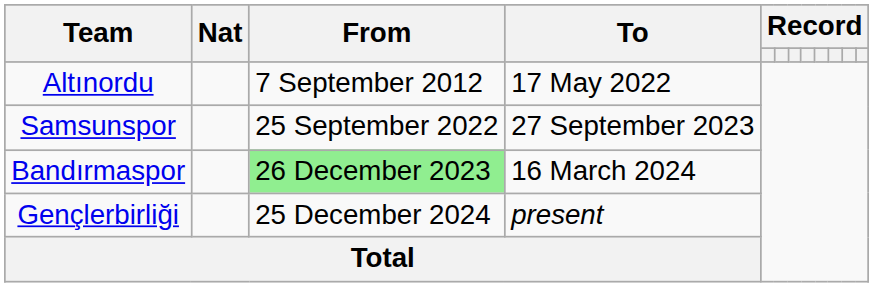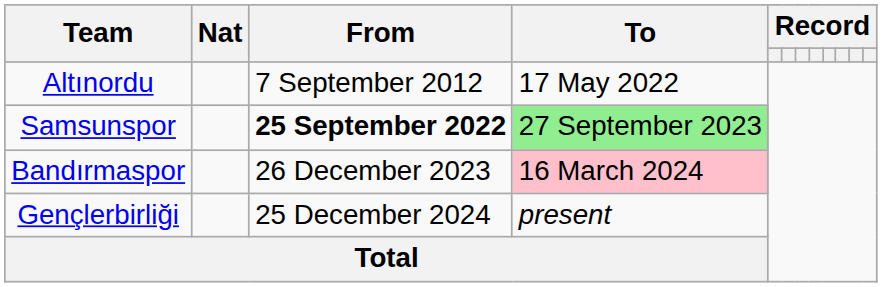 <table class="wikitable" style="text-align:center">
 <tr>
 <th rowspan="2">Team</th>
 <th rowspan="2">Nat</th>
 <th rowspan="2">From</th>
 <th rowspan="2">To</th>
 <th colspan="8">Record</th>
 </tr>
 <tr>
 <th></th>
 <th></th>
 <th></th>
 <th></th>
 <th></th>
 <th></th>
 <th></th>
 <th></th>
 </tr>
 <tr>
 <td><a href='#'>Altınordu</a></td>
 <td></td>
 <td align=left>7 September 2012</td>
 <td align=left>17 May 2022<br></td>
 </tr>
 <tr>
 <td><a href='#'>Samsunspor</a></td>
 <td></td>
-<td align=left>25 September 2022</td>
-<td align=left>27 September 2023<br></td>
+<td align=left><strong>25 September 2022</strong></td>
+<td align=left style="background: lightgreen;">27 September 2023<br></td>
 </tr>
 <tr>
 <td><a href='#'>Bandırmaspor</a></td>
 <td></td>
-<td align=left style="background: lightgreen;">26 December 2023</td>
-<td align=left>16 March 2024<br></td>
+<td align=left>26 December 2023</td>
+<td align=left style="background: pink;">16 March 2024<br></td>
 </tr>
 <tr>
 <td><a href='#'>Gençlerbirliği</a></td>
 <td></td>
 <td align=left>25 December 2024</td>
 <td align=left><em>present</em><br></td>
 </tr>
 <tr>
 <th colspan=4>Total<br></th>
 </tr>
 </table>
